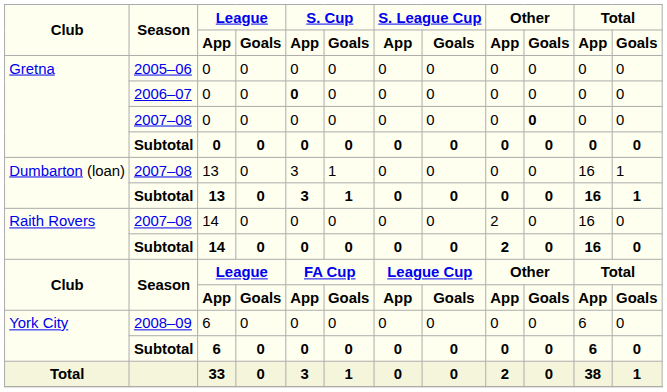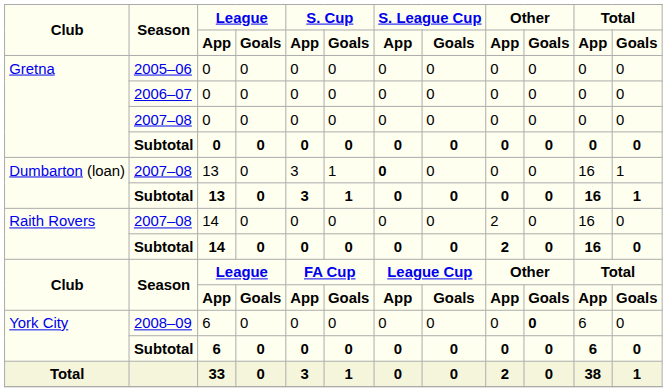 <table border=1 align=center cellpadding=4 cellspacing=2 style="background: ivory; font-size: 95%; border: 1px #aaaaaa solid; border-collapse: collapse; clear:center">
 <tr>
 <th rowspan="2">Club</th>
 <th rowspan="2">Season</th>
 <th colspan="2"><a href='#'>League</a></th>
 <th colspan="2"><a href='#'>S. Cup</a></th>
 <th colspan="2"><a href='#'>S. League Cup</a></th>
 <th colspan="2">Other</th>
 <th colspan="2">Total</th>
 </tr>
 <tr>
 <th>App</th>
 <th>Goals</th>
 <th>App</th>
 <th>Goals</th>
 <th>App</th>
 <th>Goals</th>
 <th>App</th>
 <th>Goals</th>
 <th>App</th>
 <th>Goals</th>
 </tr>
 <tr>
 <td rowspan="4" valign=top><a href='#'>Gretna</a></td>
 <td><a href='#'>2005–06</a></td>
 <td>0</td>
 <td>0</td>
 <td>0</td>
 <td>0</td>
 <td>0</td>
 <td>0</td>
 <td>0</td>
 <td>0</td>
 <td>0</td>
 <td>0</td>
 </tr>
 <tr>
 <td><a href='#'>2006–07</a></td>
 <td>0</td>
 <td>0</td>
-<td><strong>0</strong></td>
+<td>0</td>
 <td>0</td>
 <td>0</td>
 <td>0</td>
 <td>0</td>
 <td>0</td>
 <td>0</td>
 <td>0</td>
 </tr>
 <tr>
 <td><a href='#'>2007–08</a></td>
 <td>0</td>
 <td>0</td>
 <td>0</td>
 <td>0</td>
 <td>0</td>
 <td>0</td>
 <td>0</td>
-<td><strong>0</strong></td>
+<td>0</td>
 <td>0</td>
 <td>0</td>
 </tr>
 <tr>
 <th>Subtotal</th>
 <th>0</th>
 <th>0</th>
 <th>0</th>
 <th>0</th>
 <th>0</th>
 <th>0</th>
 <th>0</th>
 <th>0</th>
 <th>0</th>
 <th>0</th>
 </tr>
 <tr>
 <td rowspan="2" valign=top><a href='#'>Dumbarton</a> (loan)</td>
 <td><a href='#'>2007–08</a></td>
 <td>13</td>
 <td>0</td>
 <td>3</td>
 <td>1</td>
-<td>0</td>
+<td><strong>0</strong></td>
 <td>0</td>
 <td>0</td>
 <td>0</td>
 <td>16</td>
 <td>1</td>
 </tr>
 <tr>
 <th>Subtotal</th>
 <th>13</th>
 <th>0</th>
 <th>3</th>
 <th>1</th>
 <th>0</th>
 <th>0</th>
 <th>0</th>
 <th>0</th>
 <th>16</th>
 <th>1</th>
 </tr>
 <tr>
 <td rowspan="2" valign=top><a href='#'>Raith Rovers</a></td>
 <td><a href='#'>2007–08</a></td>
 <td>14</td>
 <td>0</td>
 <td>0</td>
 <td>0</td>
 <td>0</td>
 <td>0</td>
 <td>2</td>
 <td>0</td>
 <td>16</td>
 <td>0</td>
 </tr>
 <tr>
 <th>Subtotal</th>
 <th>14</th>
 <th>0</th>
 <th>0</th>
 <th>0</th>
 <th>0</th>
 <th>0</th>
 <th>2</th>
 <th>0</th>
 <th>16</th>
 <th>0</th>
 </tr>
 <tr>
 <th rowspan="2">Club</th>
 <th rowspan="2">Season</th>
 <th colspan="2"><a href='#'>League</a></th>
 <th colspan="2"><a href='#'>FA Cup</a></th>
 <th colspan="2"><a href='#'>League Cup</a></th>
 <th colspan="2">Other</th>
 <th colspan="2">Total</th>
 </tr>
 <tr>
 <th>App</th>
 <th>Goals</th>
 <th>App</th>
 <th>Goals</th>
 <th>App</th>
 <th>Goals</th>
 <th>App</th>
 <th>Goals</th>
 <th>App</th>
 <th>Goals</th>
 </tr>
 <tr>
 <td rowspan="2" valign=top><a href='#'>York City</a></td>
 <td><a href='#'>2008–09</a></td>
 <td>6</td>
 <td>0</td>
 <td>0</td>
 <td>0</td>
 <td>0</td>
 <td>0</td>
 <td>0</td>
-<td>0</td>
+<td><strong>0</strong></td>
 <td>6</td>
 <td>0</td>
 </tr>
 <tr>
 <th>Subtotal</th>
 <th>6</th>
 <th>0</th>
 <th>0</th>
 <th>0</th>
 <th>0</th>
 <th>0</th>
 <th>0</th>
 <th>0</th>
 <th>6</th>
 <th>0</th>
 </tr>
 <tr>
 <th style="background:beige">Total</th>
 <th style="background:beige" colspan="1"></th>
 <th style="background:beige">33</th>
 <th style="background:beige">0</th>
 <th style="background:beige">3</th>
 <th style="background:beige">1</th>
 <th style="background:beige">0</th>
 <th style="background:beige">0</th>
 <th style="background:beige">2</th>
 <th style="background:beige">0</th>
 <th style="background:beige">38</th>
 <th style="background:beige">1</th>
 </tr>
 <tr>
 </tr>
 </table>
